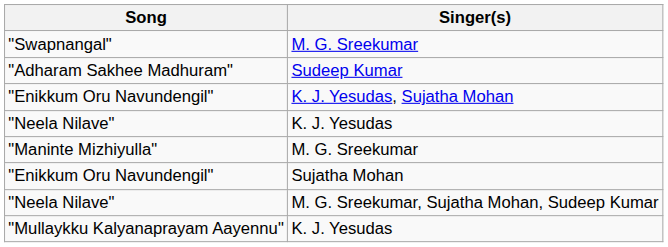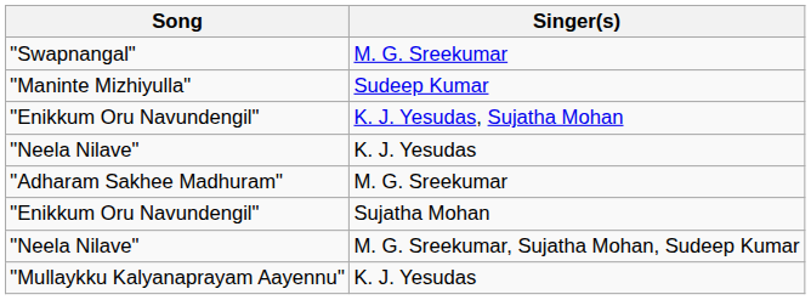 <table class="wikitable">
 <tr>
 <th>Song</th>
 <th>Singer(s)</th>
 </tr>
 <tr>
 <td>"Swapnangal"</td>
 <td><a href='#'>M. G. Sreekumar</a></td>
 </tr>
 <tr>
-<td>"Adharam Sakhee Madhuram"</td>
+<td>"Maninte Mizhiyulla"</td>
 <td><a href='#'>Sudeep Kumar</a></td>
 </tr>
 <tr>
 <td>"Enikkum Oru Navundengil"</td>
 <td><a href='#'>K. J. Yesudas</a>, <a href='#'>Sujatha Mohan</a></td>
 </tr>
 <tr>
 <td>"Neela Nilave"</td>
 <td>K. J. Yesudas</td>
 </tr>
 <tr>
-<td>"Maninte Mizhiyulla"</td>
+<td>"Adharam Sakhee Madhuram"</td>
 <td>M. G. Sreekumar</td>
 </tr>
 <tr>
 <td>"Enikkum Oru Navundengil"</td>
 <td>Sujatha Mohan</td>
 </tr>
 <tr>
 <td>"Neela Nilave"</td>
 <td>M. G. Sreekumar, Sujatha Mohan, Sudeep Kumar</td>
 </tr>
 <tr>
 <td>"Mullaykku Kalyanaprayam Aayennu"</td>
 <td>K. J. Yesudas</td>
 </tr>
 </table>
